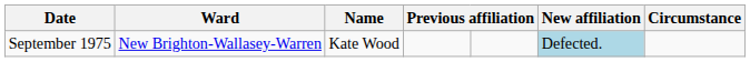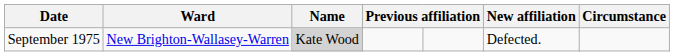 <table class="wikitable" style="font-size: 95%;">
 <tr>
 <th>Date</th>
 <th>Ward</th>
 <th>Name</th>
 <th colspan="2">Previous affiliation</th>
 <th colspan="2">New affiliation</th>
 <th>Circumstance</th>
 </tr>
 <tr>
 <td>September 1975</td>
 <td><a href='#'>New Brighton-Wallasey-Warren</a></td>
-<td>Kate Wood</td>
+<td style="background: lightgrey;">Kate Wood</td>
 <td></td>
 <td></td>
-<td style="background: lightblue;">Defected.</td>
+<td>Defected.</td>
 </tr>
 </table>
